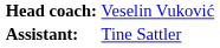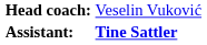 <table>
 <tr>
 <td><strong>Head coach:</strong></td>
 <td><a href='#'>Veselin Vuković</a></td>
 </tr>
 <tr>
 <td><strong>Assistant:</strong></td>
-<td><a href='#'>Tine Sattler</a></td>
+<td><strong><a href='#'>Tine Sattler</a></strong></td>
 </tr>
 </table>
